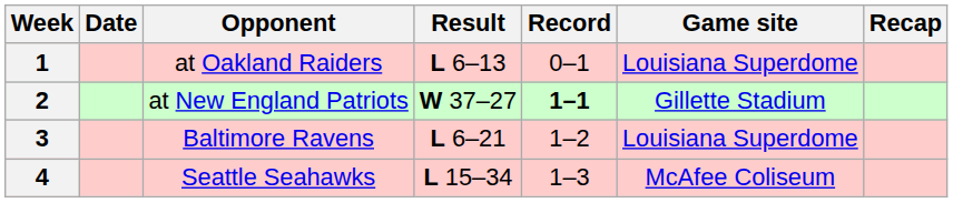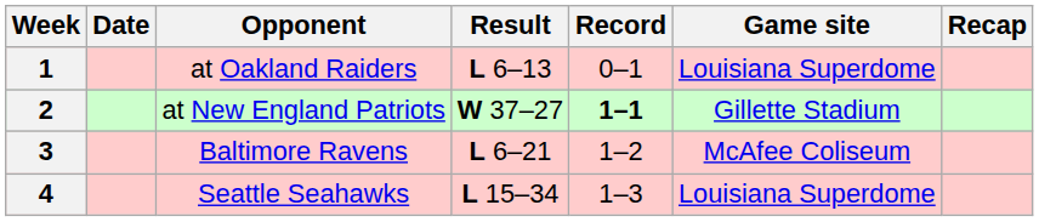 <table class="wikitable" style="text-align:center">
 <tr>
 <th>Week</th>
 <th>Date</th>
 <th>Opponent</th>
 <th>Result</th>
 <th>Record</th>
 <th>Game site</th>
 <th>Recap</th>
 </tr>
 <tr style="background:#fcc">
 <th>1</th>
 <td></td>
 <td>at <a href='#'>Oakland Raiders</a></td>
 <td><strong>L</strong> 6–13</td>
 <td>0–1</td>
 <td><a href='#'>Louisiana Superdome</a></td>
 <td></td>
 </tr>
 <tr style="background:#cfc">
 <th>2</th>
 <td></td>
 <td>at <a href='#'>New England Patriots</a></td>
 <td><strong>W</strong> 37–27</td>
 <td><strong>1–1</strong></td>
 <td><a href='#'>Gillette Stadium</a></td>
 <td></td>
 </tr>
 <tr style="background:#fcc">
 <th>3</th>
 <td></td>
 <td><a href='#'>Baltimore Ravens</a></td>
 <td><strong>L</strong> 6–21</td>
 <td>1–2</td>
-<td><a href='#'>Louisiana Superdome</a></td>
+<td><a href='#'>McAfee Coliseum</a></td>
 <td></td>
 </tr>
 <tr style="background:#fcc">
 <th>4</th>
 <td></td>
 <td><a href='#'>Seattle Seahawks</a></td>
 <td><strong>L</strong> 15–34</td>
 <td>1–3</td>
-<td><a href='#'>McAfee Coliseum</a></td>
+<td><a href='#'>Louisiana Superdome</a></td>
 <td></td>
 </tr>
 </table>
